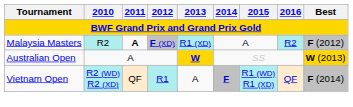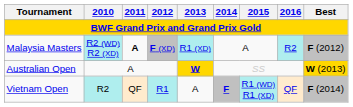 <table style='font-size: 90%; text-align:center;' class='wikitable'>
 <tr>
 <th>Tournament</th>
 <th><a href='#'>2010</a></th>
 <th><a href='#'>2011</a></th>
 <th><a href='#'>2012</a></th>
 <th><a href='#'>2013</a></th>
 <th><a href='#'>2014</a></th>
 <th><a href='#'>2015</a></th>
 <th><a href='#'>2016</a></th>
 <th>Best</th>
 </tr>
 <tr bgcolor=FFD700>
 <td colspan=20 align=center><strong><a href='#'>BWF Grand Prix and Grand Prix Gold</a></strong></td>
 </tr>
 <tr>
 <td align=left> <a href='#'>Malaysia Masters</a></td>
-<td bgcolor=AFEEEE>R2</td>
+<td bgcolor=AFEEEE><a href='#'>R2 <small>(WD)</small></a> <br> <a href='#'>R2 <small>(XD)</small></a></td>
 <td><strong>A</strong></td>
 <td bgcolor=Silver><a href='#'><strong>F</strong> <small>(XD)</small></a></td>
 <td bgcolor=AFEEEE><a href='#'>R1 <small>(XD)</small></a></td>
 <td colspan="2">A</td>
 <td bgcolor=AFEEEE><a href='#'>R2</a></td>
 <td bgcolor=Silver><strong>F</strong> (2012)</td>
 </tr>
 <tr>
 <td align=left> <a href='#'>Australian Open</a></td>
 <td colspan="3">A</td>
 <td bgcolor=Gold><a href='#'><strong>W</strong></a></td>
 <td colspan="3" style=color:#ccc><em>SS</em></td>
 <td bgcolor=Gold><strong>W</strong> (2013)</td>
 </tr>
 <tr>
 <td align=left> <a href='#'>Vietnam Open</a></td>
-<td bgcolor=AFEEEE><a href='#'>R2 <small>(WD)</small></a> <br> <a href='#'>R2 <small>(XD)</small></a></td>
+<td bgcolor=AFEEEE>R2</td>
 <td bgcolor=FFEBCD>QF</td>
 <td bgcolor=AFEEEE><a href='#'>R1</a></td>
 <td>A</td>
 <td bgcolor=Silver><a href='#'><strong>F</strong></a></td>
 <td bgcolor=AFEEEE><a href='#'>R1 <small>(WD)</small></a> <br> <a href='#'>R1 <small>(XD)</small></a></td>
 <td bgcolor=FFEBCD><a href='#'>QF</a></td>
 <td bgcolor=Silver><strong>F</strong> (2014)</td>
 </tr>
 </table>
